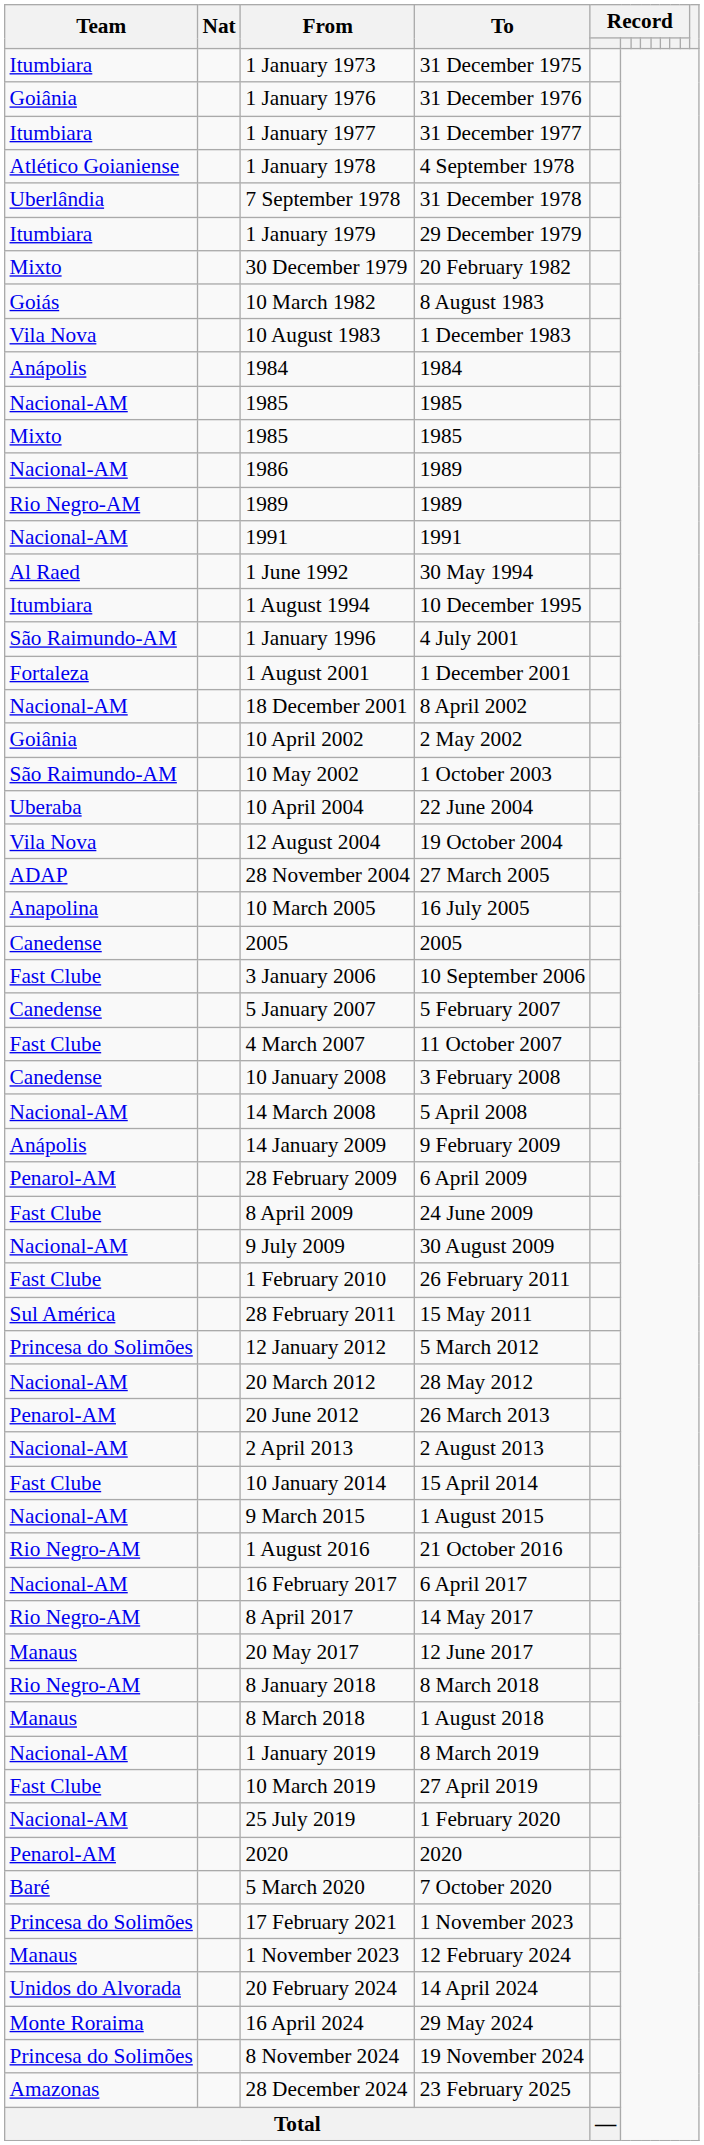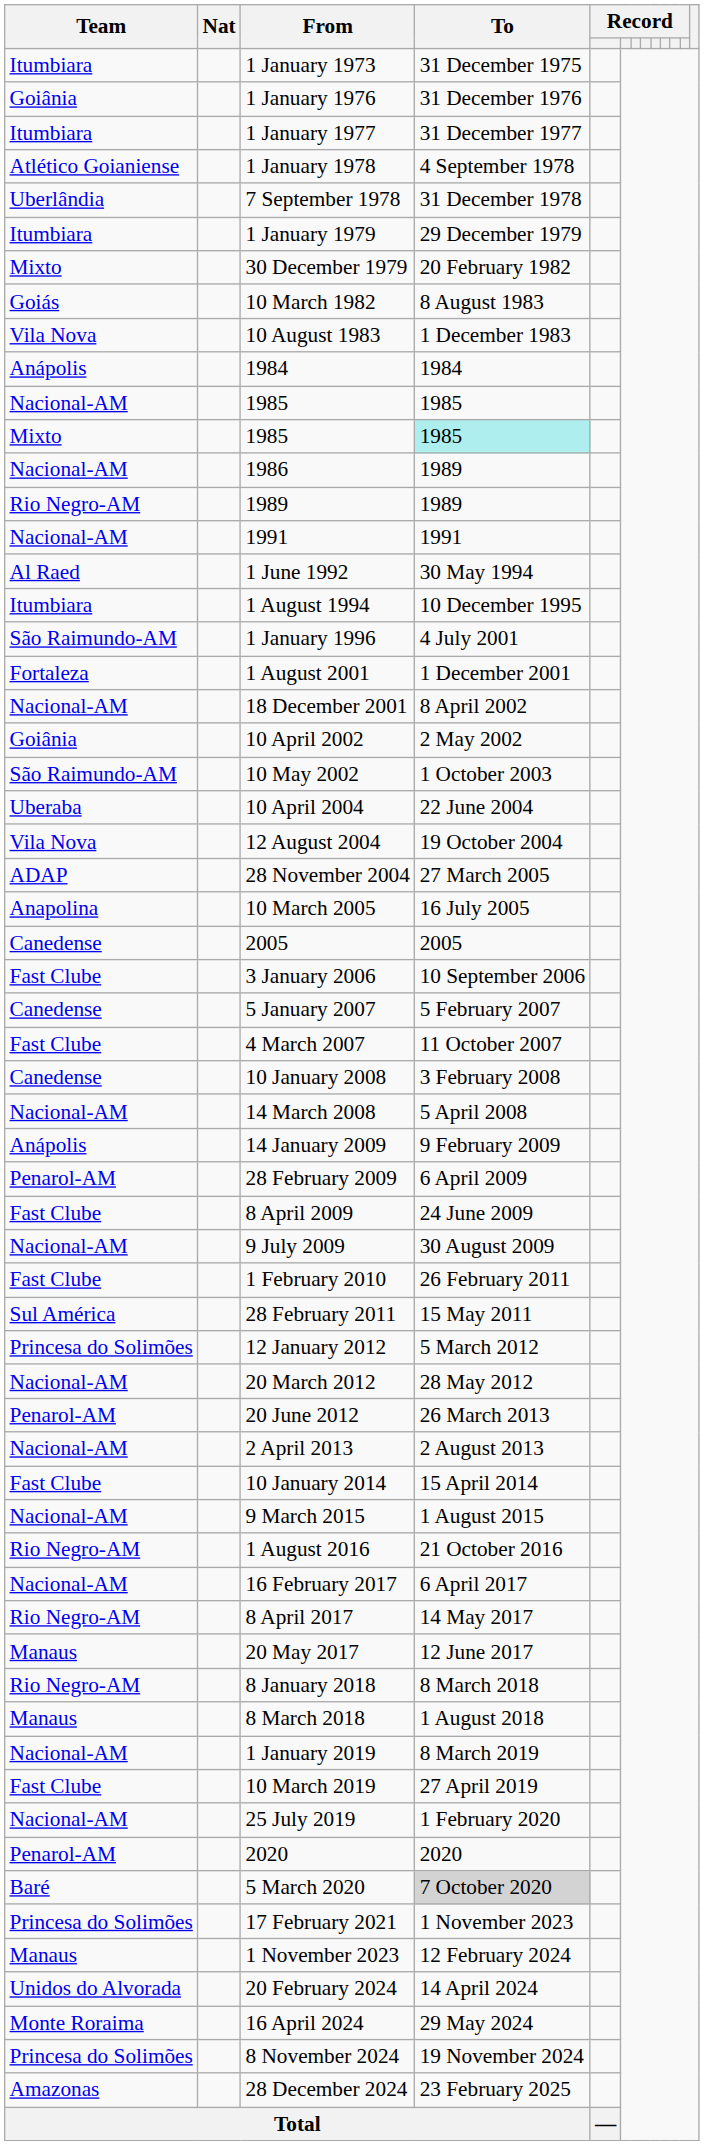 <table class="wikitable" style="text-align: center">
 <tr>
 <th rowspan="2">Team</th>
 <th rowspan="2">Nat</th>
 <th rowspan="2">From</th>
 <th rowspan="2">To</th>
 <th colspan="8">Record</th>
 <th rowspan=2></th>
 </tr>
 <tr>
 <th></th>
 <th></th>
 <th></th>
 <th></th>
 <th></th>
 <th></th>
 <th></th>
 <th></th>
 </tr>
 <tr>
 <td align=left><a href='#'>Itumbiara</a></td>
 <td></td>
 <td align=left>1 January 1973</td>
 <td align=left>31 December 1975<br></td>
 <td></td>
 </tr>
 <tr>
 <td align=left><a href='#'>Goiânia</a></td>
 <td></td>
 <td align=left>1 January 1976</td>
 <td align=left>31 December 1976<br></td>
 <td></td>
 </tr>
 <tr>
 <td align=left><a href='#'>Itumbiara</a></td>
 <td></td>
 <td align=left>1 January 1977</td>
 <td align=left>31 December 1977<br></td>
 <td></td>
 </tr>
 <tr>
 <td align=left><a href='#'>Atlético Goianiense</a></td>
 <td></td>
 <td align=left>1 January 1978</td>
 <td align=left>4 September 1978<br></td>
 <td></td>
 </tr>
 <tr>
 <td align=left><a href='#'>Uberlândia</a></td>
 <td></td>
 <td align=left>7 September 1978</td>
 <td align=left>31 December 1978<br></td>
 <td></td>
 </tr>
 <tr>
 <td align=left><a href='#'>Itumbiara</a></td>
 <td></td>
 <td align=left>1 January 1979</td>
 <td align=left>29 December 1979<br></td>
 <td></td>
 </tr>
 <tr>
 <td align=left><a href='#'>Mixto</a></td>
 <td></td>
 <td align=left>30 December 1979</td>
 <td align=left>20 February 1982<br></td>
 <td></td>
 </tr>
 <tr>
 <td align=left><a href='#'>Goiás</a></td>
 <td></td>
 <td align=left>10 March 1982</td>
 <td align=left>8 August 1983<br></td>
 <td></td>
 </tr>
 <tr>
 <td align=left><a href='#'>Vila Nova</a></td>
 <td></td>
 <td align=left>10 August 1983</td>
 <td align=left>1 December 1983<br></td>
 <td></td>
 </tr>
 <tr>
 <td align=left><a href='#'>Anápolis</a></td>
 <td></td>
 <td align=left>1984</td>
 <td align=left>1984<br></td>
 <td></td>
 </tr>
 <tr>
 <td align=left><a href='#'>Nacional-AM</a></td>
 <td></td>
 <td align=left>1985</td>
 <td align=left>1985<br></td>
 <td></td>
 </tr>
 <tr>
 <td align=left><a href='#'>Mixto</a></td>
 <td></td>
 <td align=left>1985</td>
-<td align=left>1985<br></td>
+<td align=left style="background: paleturquoise;">1985<br></td>
 <td></td>
 </tr>
 <tr>
 <td align=left><a href='#'>Nacional-AM</a></td>
 <td></td>
 <td align=left>1986</td>
 <td align=left>1989<br></td>
 <td></td>
 </tr>
 <tr>
 <td align=left><a href='#'>Rio Negro-AM</a></td>
 <td></td>
 <td align=left>1989</td>
 <td align=left>1989<br></td>
 <td></td>
 </tr>
 <tr>
 <td align=left><a href='#'>Nacional-AM</a></td>
 <td></td>
 <td align=left>1991</td>
 <td align=left>1991<br></td>
 <td></td>
 </tr>
 <tr>
 <td align=left><a href='#'>Al Raed</a></td>
 <td></td>
 <td align=left>1 June 1992</td>
 <td align=left>30 May 1994<br></td>
 <td></td>
 </tr>
 <tr>
 <td align=left><a href='#'>Itumbiara</a></td>
 <td></td>
 <td align=left>1 August 1994</td>
 <td align=left>10 December 1995<br></td>
 <td></td>
 </tr>
 <tr>
 <td align=left><a href='#'>São Raimundo-AM</a></td>
 <td></td>
 <td align=left>1 January 1996</td>
 <td align=left>4 July 2001<br></td>
 <td></td>
 </tr>
 <tr>
 <td align=left><a href='#'>Fortaleza</a></td>
 <td></td>
 <td align=left>1 August 2001</td>
 <td align=left>1 December 2001<br></td>
 <td></td>
 </tr>
 <tr>
 <td align=left><a href='#'>Nacional-AM</a></td>
 <td></td>
 <td align=left>18 December 2001</td>
 <td align=left>8 April 2002<br></td>
 <td></td>
 </tr>
 <tr>
 <td align=left><a href='#'>Goiânia</a></td>
 <td></td>
 <td align=left>10 April 2002</td>
 <td align=left>2 May 2002<br></td>
 <td></td>
 </tr>
 <tr>
 <td align=left><a href='#'>São Raimundo-AM</a></td>
 <td></td>
 <td align=left>10 May 2002</td>
 <td align=left>1 October 2003<br></td>
 <td></td>
 </tr>
 <tr>
 <td align=left><a href='#'>Uberaba</a></td>
 <td></td>
 <td align=left>10 April 2004</td>
 <td align=left>22 June 2004<br></td>
 <td></td>
 </tr>
 <tr>
 <td align=left><a href='#'>Vila Nova</a></td>
 <td></td>
 <td align=left>12 August 2004</td>
 <td align=left>19 October 2004<br></td>
 <td></td>
 </tr>
 <tr>
 <td align=left><a href='#'>ADAP</a></td>
 <td></td>
 <td align=left>28 November 2004</td>
 <td align=left>27 March 2005<br></td>
 <td></td>
 </tr>
 <tr>
 <td align=left><a href='#'>Anapolina</a></td>
 <td></td>
 <td align=left>10 March 2005</td>
 <td align=left>16 July 2005<br></td>
 <td></td>
 </tr>
 <tr>
 <td align=left><a href='#'>Canedense</a></td>
 <td></td>
 <td align=left>2005</td>
 <td align=left>2005<br></td>
 <td></td>
 </tr>
 <tr>
 <td align=left><a href='#'>Fast Clube</a></td>
 <td></td>
 <td align=left>3 January 2006</td>
 <td align=left>10 September 2006<br></td>
 <td></td>
 </tr>
 <tr>
 <td align=left><a href='#'>Canedense</a></td>
 <td></td>
 <td align=left>5 January 2007</td>
 <td align=left>5 February 2007<br></td>
 <td></td>
 </tr>
 <tr>
 <td align=left><a href='#'>Fast Clube</a></td>
 <td></td>
 <td align=left>4 March 2007</td>
 <td align=left>11 October 2007<br></td>
 <td></td>
 </tr>
 <tr>
 <td align=left><a href='#'>Canedense</a></td>
 <td></td>
 <td align=left>10 January 2008</td>
 <td align=left>3 February 2008<br></td>
 <td></td>
 </tr>
 <tr>
 <td align=left><a href='#'>Nacional-AM</a></td>
 <td></td>
 <td align=left>14 March 2008</td>
 <td align=left>5 April 2008<br></td>
 <td></td>
 </tr>
 <tr>
 <td align=left><a href='#'>Anápolis</a></td>
 <td></td>
 <td align=left>14 January 2009</td>
 <td align=left>9 February 2009<br></td>
 <td></td>
 </tr>
 <tr>
 <td align=left><a href='#'>Penarol-AM</a></td>
 <td></td>
 <td align=left>28 February 2009</td>
 <td align=left>6 April 2009<br></td>
 <td></td>
 </tr>
 <tr>
 <td align=left><a href='#'>Fast Clube</a></td>
 <td></td>
 <td align=left>8 April 2009</td>
 <td align=left>24 June 2009<br></td>
 <td></td>
 </tr>
 <tr>
 <td align=left><a href='#'>Nacional-AM</a></td>
 <td></td>
 <td align=left>9 July 2009</td>
 <td align=left>30 August 2009<br></td>
 <td></td>
 </tr>
 <tr>
 <td align=left><a href='#'>Fast Clube</a></td>
 <td></td>
 <td align=left>1 February 2010</td>
 <td align=left>26 February 2011<br></td>
 <td></td>
 </tr>
 <tr>
 <td align=left><a href='#'>Sul América</a></td>
 <td></td>
 <td align=left>28 February 2011</td>
 <td align=left>15 May 2011<br></td>
 <td></td>
 </tr>
 <tr>
 <td align=left><a href='#'>Princesa do Solimões</a></td>
 <td></td>
 <td align=left>12 January 2012</td>
 <td align=left>5 March 2012<br></td>
 <td></td>
 </tr>
 <tr>
 <td align=left><a href='#'>Nacional-AM</a></td>
 <td></td>
 <td align=left>20 March 2012</td>
 <td align=left>28 May 2012<br></td>
 <td></td>
 </tr>
 <tr>
 <td align=left><a href='#'>Penarol-AM</a></td>
 <td></td>
 <td align=left>20 June 2012</td>
 <td align=left>26 March 2013<br></td>
 <td></td>
 </tr>
 <tr>
 <td align=left><a href='#'>Nacional-AM</a></td>
 <td></td>
 <td align=left>2 April 2013</td>
 <td align=left>2 August 2013<br></td>
 <td></td>
 </tr>
 <tr>
 <td align=left><a href='#'>Fast Clube</a></td>
 <td></td>
 <td align=left>10 January 2014</td>
 <td align=left>15 April 2014<br></td>
 <td></td>
 </tr>
 <tr>
 <td align=left><a href='#'>Nacional-AM</a></td>
 <td></td>
 <td align=left>9 March 2015</td>
 <td align=left>1 August 2015<br></td>
 <td></td>
 </tr>
 <tr>
 <td align=left><a href='#'>Rio Negro-AM</a></td>
 <td></td>
 <td align=left>1 August 2016</td>
 <td align=left>21 October 2016<br></td>
 <td></td>
 </tr>
 <tr>
 <td align=left><a href='#'>Nacional-AM</a></td>
 <td></td>
 <td align=left>16 February 2017</td>
 <td align=left>6 April 2017<br></td>
 <td></td>
 </tr>
 <tr>
 <td align=left><a href='#'>Rio Negro-AM</a></td>
 <td></td>
 <td align=left>8 April 2017</td>
 <td align=left>14 May 2017<br></td>
 <td></td>
 </tr>
 <tr>
 <td align=left><a href='#'>Manaus</a></td>
 <td></td>
 <td align=left>20 May 2017</td>
 <td align=left>12 June 2017<br></td>
 <td></td>
 </tr>
 <tr>
 <td align=left><a href='#'>Rio Negro-AM</a></td>
 <td></td>
 <td align=left>8 January 2018</td>
 <td align=left>8 March 2018<br></td>
 <td></td>
 </tr>
 <tr>
 <td align=left><a href='#'>Manaus</a></td>
 <td></td>
 <td align=left>8 March 2018</td>
 <td align=left>1 August 2018<br></td>
 <td></td>
 </tr>
 <tr>
 <td align=left><a href='#'>Nacional-AM</a></td>
 <td></td>
 <td align=left>1 January 2019</td>
 <td align=left>8 March 2019<br></td>
 <td></td>
 </tr>
 <tr>
 <td align=left><a href='#'>Fast Clube</a></td>
 <td></td>
 <td align=left>10 March 2019</td>
 <td align=left>27 April 2019<br></td>
 <td></td>
 </tr>
 <tr>
 <td align=left><a href='#'>Nacional-AM</a></td>
 <td></td>
 <td align=left>25 July 2019</td>
 <td align=left>1 February 2020<br></td>
 <td></td>
 </tr>
 <tr>
 <td align=left><a href='#'>Penarol-AM</a></td>
 <td></td>
 <td align=left>2020</td>
 <td align=left>2020<br></td>
 <td></td>
 </tr>
 <tr>
 <td align=left><a href='#'>Baré</a></td>
 <td></td>
 <td align=left>5 March 2020</td>
-<td align=left>7 October 2020<br></td>
+<td align=left style="background: lightgrey;">7 October 2020<br></td>
 <td></td>
 </tr>
 <tr>
 <td align=left><a href='#'>Princesa do Solimões</a></td>
 <td></td>
 <td align=left>17 February 2021</td>
 <td align=left>1 November 2023<br></td>
 <td></td>
 </tr>
 <tr>
 <td align=left><a href='#'>Manaus</a></td>
 <td></td>
 <td align=left>1 November 2023</td>
 <td align=left>12 February 2024<br></td>
 <td></td>
 </tr>
 <tr>
 <td align=left><a href='#'>Unidos do Alvorada</a></td>
 <td></td>
 <td align=left>20 February 2024</td>
 <td align=left>14 April 2024<br></td>
 <td></td>
 </tr>
 <tr>
 <td align=left><a href='#'>Monte Roraima</a></td>
 <td></td>
 <td align=left>16 April 2024</td>
 <td align=left>29 May 2024<br></td>
 <td></td>
 </tr>
 <tr>
 <td align=left><a href='#'>Princesa do Solimões</a></td>
 <td></td>
 <td align=left>8 November 2024</td>
 <td align=left>19 November 2024<br></td>
 <td></td>
 </tr>
 <tr>
 <td align=left><a href='#'>Amazonas</a></td>
 <td></td>
 <td align=left>28 December 2024</td>
 <td align=left>23 February 2025<br></td>
 <td></td>
 </tr>
 <tr>
 <th colspan="4">Total<br></th>
 <th>—</th>
 </tr>
 </table>
